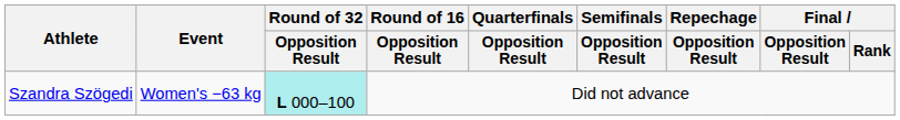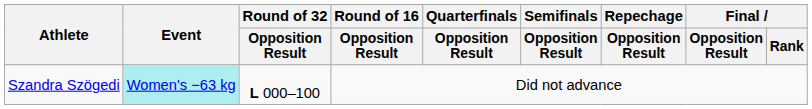 <table class="wikitable" style="font-size:90%;">
 <tr>
 <th rowspan=2>Athlete</th>
 <th rowspan=2>Event</th>
 <th>Round of 32</th>
 <th>Round of 16</th>
 <th>Quarterfinals</th>
 <th>Semifinals</th>
 <th>Repechage</th>
 <th colspan=2>Final / </th>
 </tr>
 <tr style="font-size:95%">
 <th>Opposition<br>Result</th>
 <th>Opposition<br>Result</th>
 <th>Opposition<br>Result</th>
 <th>Opposition<br>Result</th>
 <th>Opposition<br>Result</th>
 <th>Opposition<br>Result</th>
 <th>Rank</th>
 </tr>
 <tr align=center>
 <td align=left><a href='#'>Szandra Szögedi</a></td>
-<td align=left><a href='#'>Women's −63 kg</a></td>
-<td style="background: paleturquoise;"><br><strong>L</strong> 000–100</td>
+<td align=left style="background: paleturquoise;"><a href='#'>Women's −63 kg</a></td>
+<td><br><strong>L</strong> 000–100</td>
 <td colspan=6>Did not advance</td>
 </tr>
 </table>
